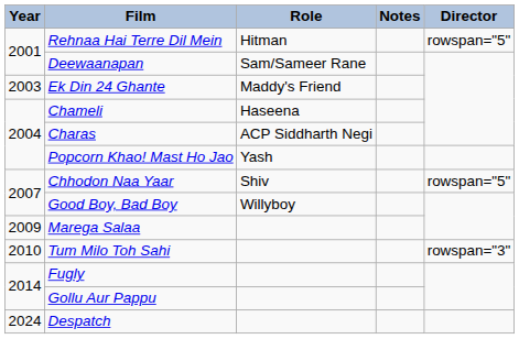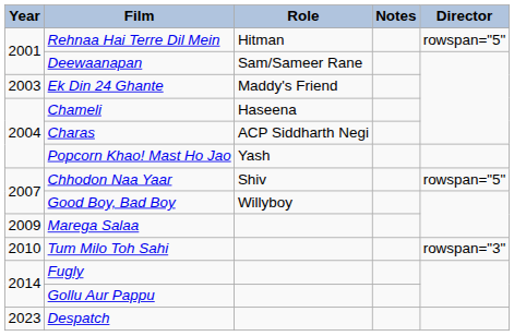 <table class="wikitable sortable">
 <tr>
 <th style="background:#B0C4DE;">Year</th>
 <th style="background:#B0C4DE;">Film</th>
 <th style="background:#B0C4DE;">Role</th>
 <th style="background:#B0C4DE;">Notes</th>
 <th style="background:#B0C4DE;">Director</th>
 </tr>
 <tr>
 <td Rowspan="2">2001</td>
 <td><em><a href='#'>Rehnaa Hai Terre Dil Mein</a></em></td>
 <td>Hitman</td>
 <td></td>
 <td>rowspan="5" </td>
 </tr>
 <tr>
 <td><em><a href='#'>Deewaanapan</a></em></td>
 <td>Sam/Sameer Rane</td>
 <td></td>
 </tr>
 <tr>
 <td>2003</td>
 <td><em><a href='#'>Ek Din 24 Ghante</a></em></td>
 <td>Maddy's Friend</td>
 <td></td>
 </tr>
 <tr>
 <td rowspan="3">2004</td>
 <td><em><a href='#'>Chameli</a></em></td>
 <td>Haseena</td>
 <td></td>
 </tr>
 <tr>
 <td><em><a href='#'>Charas</a></em></td>
 <td>ACP Siddharth Negi</td>
 <td></td>
 </tr>
 <tr>
 <td><em><a href='#'>Popcorn Khao! Mast Ho Jao</a></em></td>
 <td>Yash</td>
 <td></td>
 <td></td>
 </tr>
 <tr>
 <td rowspan="2">2007</td>
 <td><em><a href='#'>Chhodon Naa Yaar</a></em></td>
 <td>Shiv</td>
 <td></td>
 <td>rowspan="5" </td>
 </tr>
 <tr>
 <td><em><a href='#'>Good Boy, Bad Boy</a></em></td>
 <td>Willyboy</td>
 <td></td>
 </tr>
 <tr>
 <td>2009</td>
 <td><em><a href='#'>Marega Salaa</a></em></td>
 <td></td>
 <td></td>
 </tr>
 <tr>
 <td>2010</td>
 <td><em><a href='#'>Tum Milo Toh Sahi</a></em></td>
 <td></td>
 <td></td>
 <td>rowspan="3" </td>
 </tr>
 <tr>
 <td rowspan="2">2014</td>
 <td><em><a href='#'>Fugly</a></em></td>
 <td></td>
 <td></td>
 </tr>
 <tr>
 <td><em><a href='#'>Gollu Aur Pappu</a></em></td>
 <td></td>
 <td></td>
 </tr>
 <tr>
-<td>2024</td>
+<td>2023</td>
 <td><em><a href='#'>Despatch</a></em></td>
 <td></td>
 <td></td>
 <td></td>
 </tr>
 </table>
